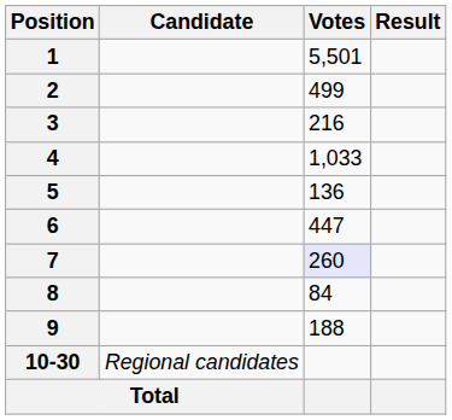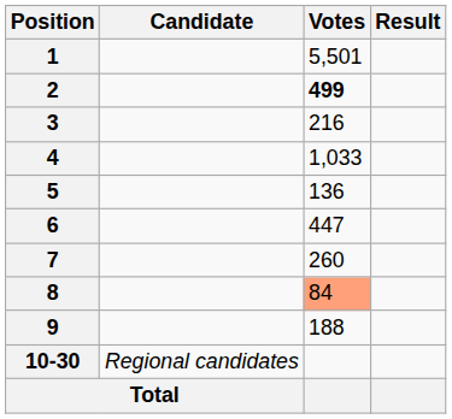 <table class="wikitable sortable col3right">
 <tr>
 <th scope="col">Position</th>
 <th scope="col">Candidate</th>
 <th scope="col">Votes</th>
 <th scope="col">Result</th>
 </tr>
 <tr>
 <th scope="row">1</th>
 <td></td>
 <td>5,501</td>
 <td></td>
 </tr>
 <tr>
 <th scope="row">2</th>
 <td></td>
-<td>499</td>
+<td><strong>499</strong></td>
 <td></td>
 </tr>
 <tr>
 <th scope="row">3</th>
 <td></td>
 <td>216</td>
 <td></td>
 </tr>
 <tr>
 <th scope="row">4</th>
 <td></td>
 <td>1,033</td>
 <td></td>
 </tr>
 <tr>
 <th scope="row">5</th>
 <td></td>
 <td>136</td>
 <td></td>
 </tr>
 <tr>
 <th scope="row">6</th>
 <td></td>
 <td>447</td>
 <td></td>
 </tr>
 <tr>
 <th scope="row">7</th>
 <td></td>
-<td style="background: lavender;">260</td>
+<td>260</td>
 <td></td>
 </tr>
 <tr>
 <th scope="row">8</th>
 <td></td>
-<td>84</td>
+<td style="background: lightsalmon;">84</td>
 <td></td>
 </tr>
 <tr>
 <th scope="row">9</th>
 <td></td>
 <td>188</td>
 <td></td>
 </tr>
 <tr>
 <th scope="row">10-30</th>
 <td><em>Regional candidates</em></td>
 <td></td>
 <td></td>
 </tr>
 <tr class="sortbottom">
 <th scope="row" colspan="2">Total</th>
 <th></th>
 <th></th>
 </tr>
 </table>
